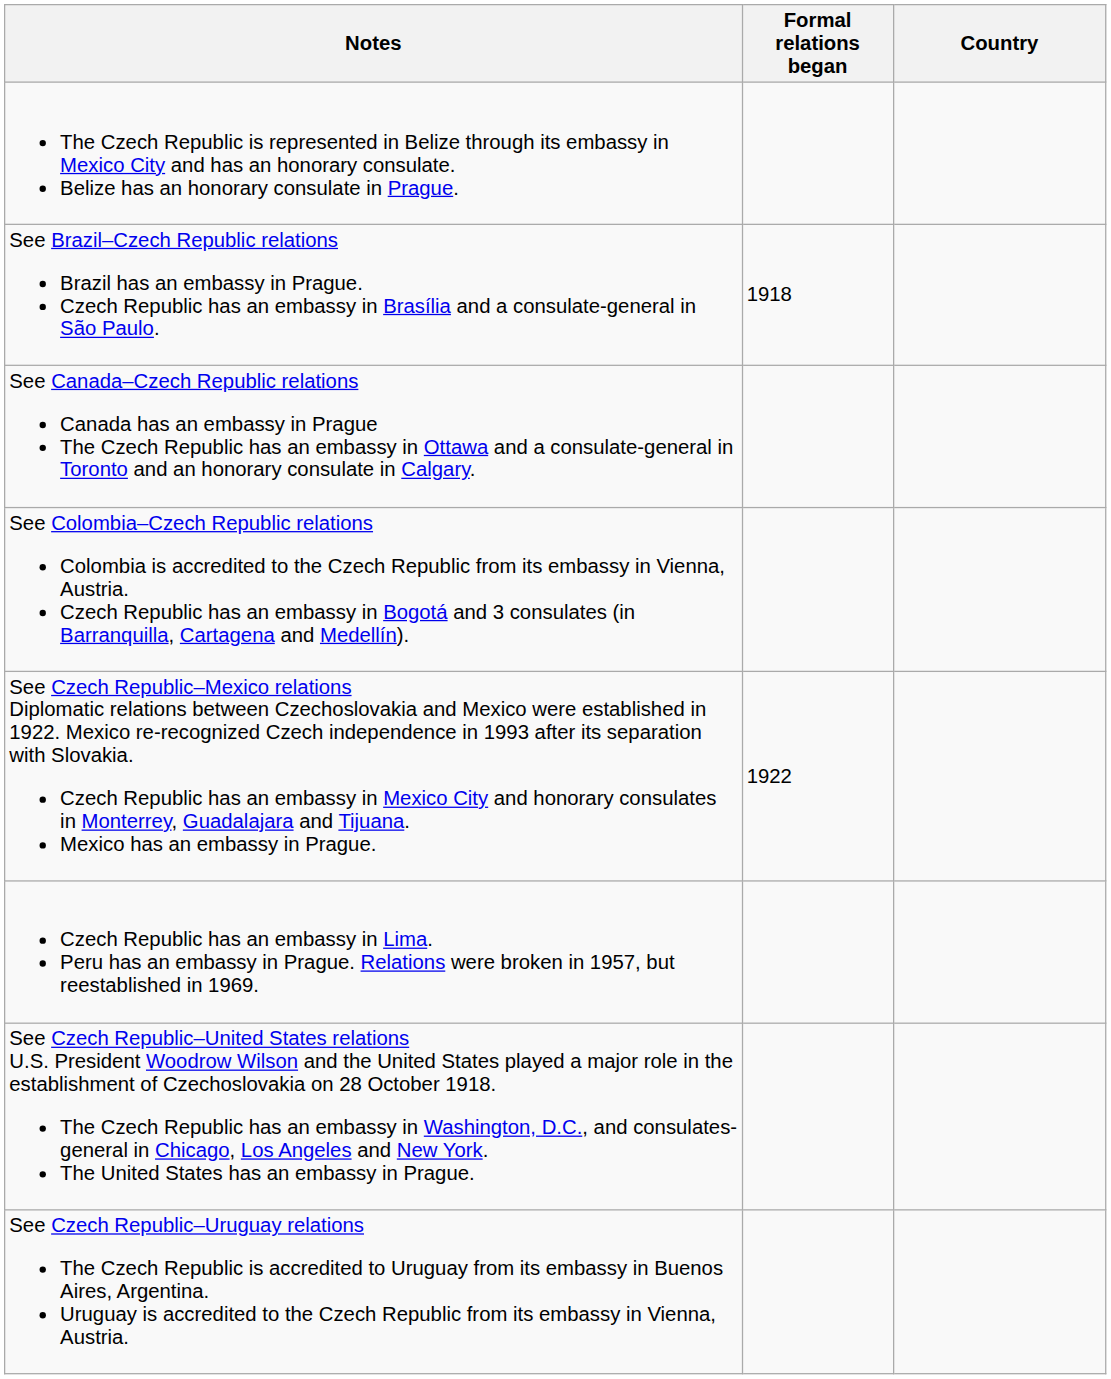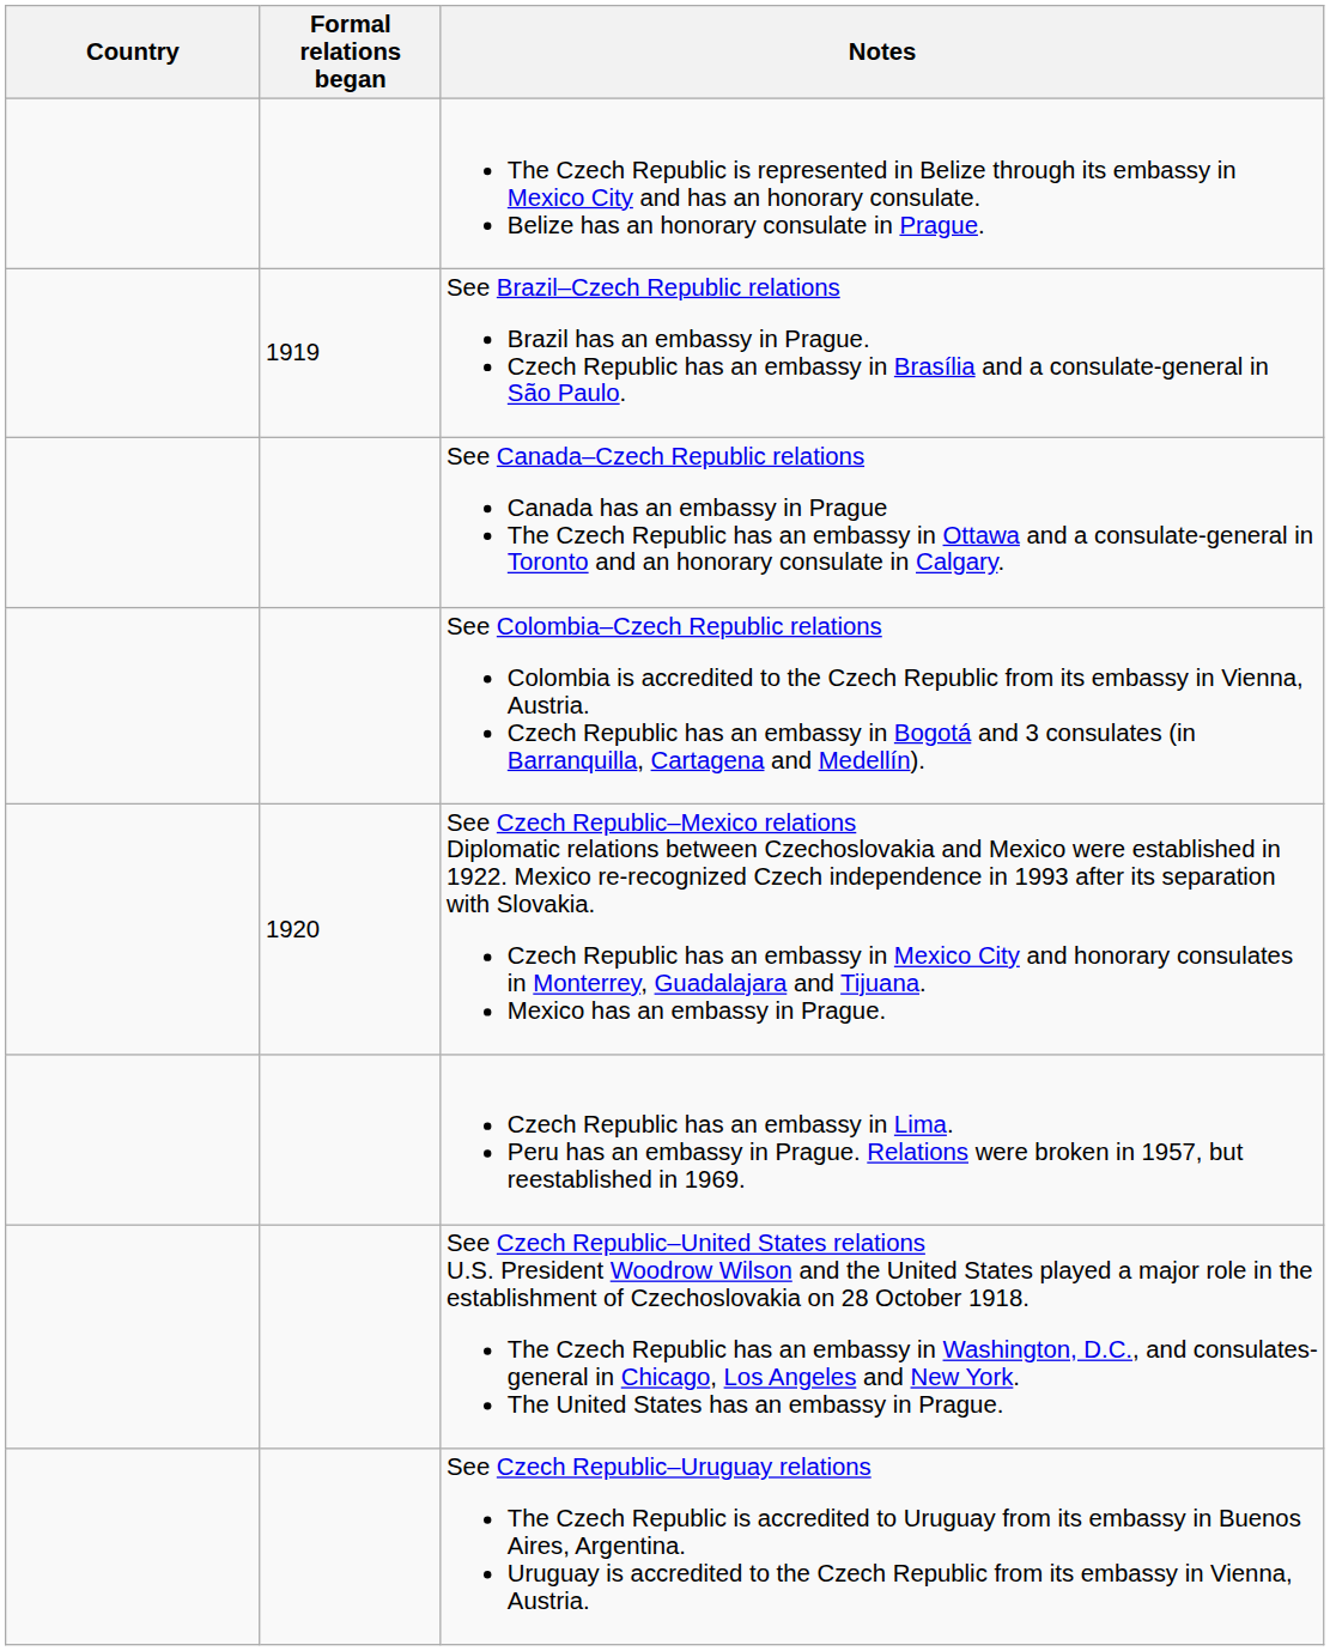 <table class="wikitable sortable">
 <tr>
+<th style="width: 10em">Country</th>
+<th>Formal relations began</th>
 <th>Notes</th>
-<th>Formal relations began</th>
-<th style="width: 10em">Country</th>
 </tr>
 <tr>
-<td><br><ul><li>The Czech Republic is represented in Belize through its embassy in <a href='#'>Mexico City</a> and has an honorary consulate.</li><li>Belize has an honorary consulate in <a href='#'>Prague</a>.</li></ul></td>
 <td></td>
 <td></td>
+<td><br><ul><li>The Czech Republic is represented in Belize through its embassy in <a href='#'>Mexico City</a> and has an honorary consulate.</li><li>Belize has an honorary consulate in <a href='#'>Prague</a>.</li></ul></td>
 </tr>
 <tr>
+<td></td>
+<td>1919</td>
 <td>See <a href='#'>Brazil–Czech Republic relations</a><br><ul><li>Brazil has an embassy in Prague.</li><li>Czech Republic has an embassy in <a href='#'>Brasília</a> and a consulate-general in <a href='#'>São Paulo</a>.</li></ul></td>
-<td>1918</td>
-<td></td>
 </tr>
 <tr>
-<td>See <a href='#'>Canada–Czech Republic relations</a><br><ul><li>Canada has an embassy in Prague</li><li>The Czech Republic has an embassy in <a href='#'>Ottawa</a> and a consulate-general in <a href='#'>Toronto</a> and an honorary consulate in <a href='#'>Calgary</a>.</li></ul></td>
 <td></td>
 <td></td>
+<td>See <a href='#'>Canada–Czech Republic relations</a><br><ul><li>Canada has an embassy in Prague</li><li>The Czech Republic has an embassy in <a href='#'>Ottawa</a> and a consulate-general in <a href='#'>Toronto</a> and an honorary consulate in <a href='#'>Calgary</a>.</li></ul></td>
 </tr>
 <tr>
-<td>See <a href='#'>Colombia–Czech Republic relations</a><br><ul><li>Colombia is accredited to the Czech Republic from its embassy in Vienna, Austria.</li><li>Czech Republic has an embassy in <a href='#'>Bogotá</a> and 3 consulates (in <a href='#'>Barranquilla</a>, <a href='#'>Cartagena</a> and <a href='#'>Medellín</a>).</li></ul></td>
 <td></td>
 <td></td>
+<td>See <a href='#'>Colombia–Czech Republic relations</a><br><ul><li>Colombia is accredited to the Czech Republic from its embassy in Vienna, Austria.</li><li>Czech Republic has an embassy in <a href='#'>Bogotá</a> and 3 consulates (in <a href='#'>Barranquilla</a>, <a href='#'>Cartagena</a> and <a href='#'>Medellín</a>).</li></ul></td>
 </tr>
 <tr>
+<td></td>
+<td>1920</td>
 <td>See <a href='#'>Czech Republic–Mexico relations</a><br>Diplomatic relations between Czechoslovakia and Mexico were established in 1922. Mexico re-recognized Czech independence in 1993 after its separation with Slovakia.<ul><li>Czech Republic has an embassy in <a href='#'>Mexico City</a> and honorary consulates in <a href='#'>Monterrey</a>, <a href='#'>Guadalajara</a> and <a href='#'>Tijuana</a>.</li><li>Mexico has an embassy in Prague.</li></ul></td>
-<td>1922</td>
-<td></td>
 </tr>
 <tr>
-<td><br><ul><li>Czech Republic has an embassy in <a href='#'>Lima</a>.</li><li>Peru has an embassy in Prague. <a href='#'>Relations</a> were broken in 1957, but reestablished in 1969.</li></ul></td>
 <td></td>
 <td></td>
+<td><br><ul><li>Czech Republic has an embassy in <a href='#'>Lima</a>.</li><li>Peru has an embassy in Prague. <a href='#'>Relations</a> were broken in 1957, but reestablished in 1969.</li></ul></td>
 </tr>
 <tr>
-<td>See <a href='#'>Czech Republic–United States relations</a><br>U.S. President <a href='#'>Woodrow Wilson</a> and the United States played a major role in the establishment of Czechoslovakia on 28 October 1918.<ul><li>The Czech Republic has an embassy in <a href='#'>Washington, D.C.</a>, and consulates-general in <a href='#'>Chicago</a>, <a href='#'>Los Angeles</a> and <a href='#'>New York</a>.</li><li>The United States has an embassy in Prague.</li></ul></td>
 <td></td>
 <td></td>
+<td>See <a href='#'>Czech Republic–United States relations</a><br>U.S. President <a href='#'>Woodrow Wilson</a> and the United States played a major role in the establishment of Czechoslovakia on 28 October 1918.<ul><li>The Czech Republic has an embassy in <a href='#'>Washington, D.C.</a>, and consulates-general in <a href='#'>Chicago</a>, <a href='#'>Los Angeles</a> and <a href='#'>New York</a>.</li><li>The United States has an embassy in Prague.</li></ul></td>
 </tr>
 <tr>
-<td>See <a href='#'>Czech Republic–Uruguay relations</a><br><ul><li>The Czech Republic is accredited to Uruguay from its embassy in Buenos Aires, Argentina.</li><li>Uruguay is accredited to the Czech Republic from its embassy in Vienna, Austria.</li></ul></td>
 <td></td>
 <td></td>
+<td>See <a href='#'>Czech Republic–Uruguay relations</a><br><ul><li>The Czech Republic is accredited to Uruguay from its embassy in Buenos Aires, Argentina.</li><li>Uruguay is accredited to the Czech Republic from its embassy in Vienna, Austria.</li></ul></td>
 </tr>
 </table>
